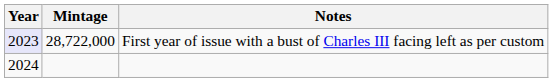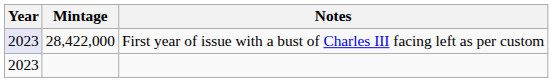 <table class="wikitable sortable">
 <tr>
 <th>Year</th>
 <th>Mintage</th>
 <th class="unsortable">Notes</th>
 </tr>
 <tr>
 <td style="background: lavender;">2023</td>
-<td>28,722,000</td>
+<td>28,422,000</td>
 <td>First year of issue with a bust of <a href='#'>Charles III</a> facing left as per custom</td>
 </tr>
 <tr>
-<td>2024</td>
+<td>2023</td>
 <td></td>
 <td></td>
 </tr>
 </table>
